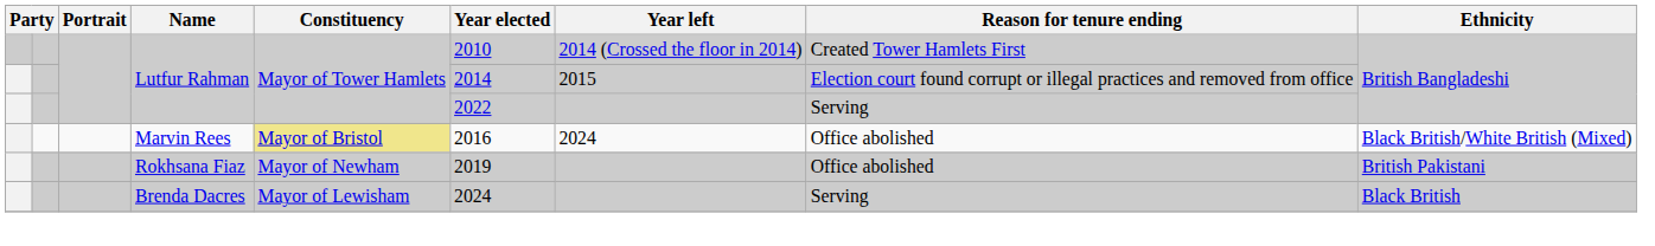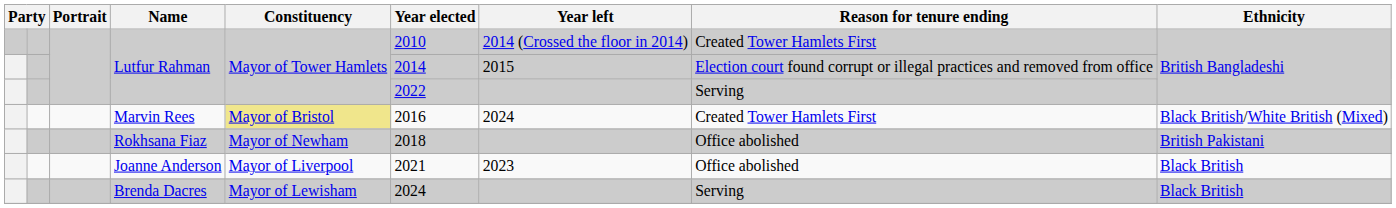 <table class="wikitable sortable">
 <tr>
 <th colspan="2">Party</th>
 <th>Portrait</th>
 <th>Name</th>
 <th>Constituency</th>
 <th>Year elected</th>
 <th>Year left</th>
 <th>Reason for tenure ending</th>
 <th>Ethnicity</th>
 </tr>
 <tr style="background:#ccc;">
 <td style="background-color: "></td>
 <td></td>
 <td rowspan="3"></td>
 <td rowspan="3"><a href='#'>Lutfur Rahman</a></td>
 <td rowspan="3"><a href='#'>Mayor of Tower Hamlets</a></td>
 <td><a href='#'>2010</a></td>
 <td><a href='#'>2014</a> (<a href='#'>Crossed the floor in 2014</a>)</td>
 <td>Created <a href='#'>Tower Hamlets First</a></td>
 <td rowspan="3"><a href='#'>British Bangladeshi</a></td>
 </tr>
 <tr style="background:#ccc;">
 <th style="background-color: "></th>
 <td></td>
 <td><a href='#'>2014</a></td>
 <td>2015</td>
 <td><a href='#'>Election court</a> found corrupt or illegal practices and removed from office</td>
 </tr>
 <tr style="background:#ccc;">
 <th style="background-color: "></th>
 <td></td>
 <td><a href='#'>2022</a></td>
 <td></td>
 <td>Serving</td>
 </tr>
 <tr>
 <th style="background-color: "></th>
 <td></td>
 <td></td>
 <td><a href='#'>Marvin Rees</a></td>
 <td style="background: khaki;"><a href='#'>Mayor of Bristol</a></td>
 <td>2016</td>
 <td>2024</td>
-<td>Office abolished</td>
+<td>Created <a href='#'>Tower Hamlets First</a></td>
 <td><a href='#'>Black British</a>/<a href='#'>White British</a> (<a href='#'>Mixed</a>)</td>
 </tr>
 <tr style="background:#ccc;">
 <th style="background-color: "></th>
 <td></td>
 <td></td>
 <td><a href='#'>Rokhsana Fiaz</a></td>
 <td><a href='#'>Mayor of Newham</a></td>
-<td>2019</td>
+<td>2018</td>
 <td></td>
 <td>Office abolished</td>
 <td><a href='#'>British Pakistani</a></td>
+</tr>
+<tr>
+<th style="background-color: "></th>
+<td></td>
+<td></td>
+<td><a href='#'>Joanne Anderson</a></td>
+<td><a href='#'>Mayor of Liverpool</a></td>
+<td>2021</td>
+<td>2023</td>
+<td>Office abolished</td>
+<td><a href='#'>Black British</a></td>
 </tr>
 <tr style="background:#ccc;">
 <th style="background-color: "></th>
 <td></td>
 <td></td>
 <td><a href='#'>Brenda Dacres</a></td>
 <td><a href='#'>Mayor of Lewisham</a></td>
 <td>2024</td>
 <td></td>
 <td>Serving</td>
 <td><a href='#'>Black British</a></td>
 </tr>
 <tr>
 </tr>
 </table>
